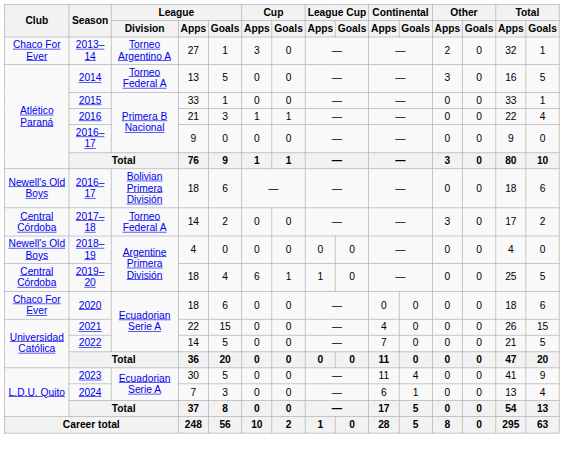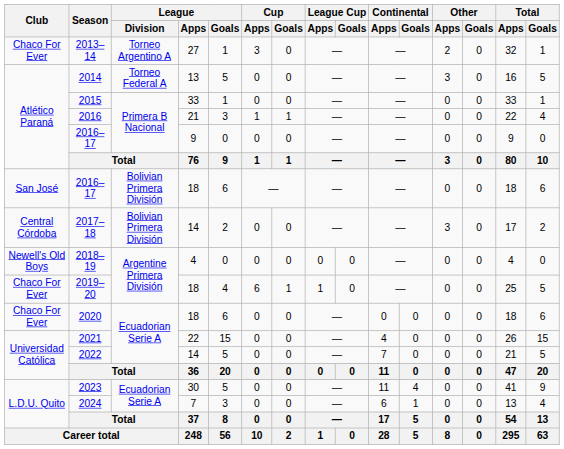 <table class="wikitable" style="text-align:center">
 <tr>
 <th rowspan="2">Club</th>
 <th rowspan="2">Season</th>
 <th colspan="3">League</th>
 <th colspan="2">Cup</th>
 <th colspan="2">League Cup</th>
 <th colspan="2">Continental</th>
 <th colspan="2">Other</th>
 <th colspan="2">Total</th>
 </tr>
 <tr>
 <th>Division</th>
 <th>Apps</th>
 <th>Goals</th>
 <th>Apps</th>
 <th>Goals</th>
 <th>Apps</th>
 <th>Goals</th>
 <th>Apps</th>
 <th>Goals</th>
 <th>Apps</th>
 <th>Goals</th>
 <th>Apps</th>
 <th>Goals</th>
 </tr>
 <tr>
 <td rowspan="1"><a href='#'>Chaco For Ever</a></td>
 <td><a href='#'>2013–14</a></td>
 <td rowspan="1"><a href='#'>Torneo Argentino A</a></td>
 <td>27</td>
 <td>1</td>
 <td>3</td>
 <td>0</td>
 <td colspan="2">—</td>
 <td colspan="2">—</td>
 <td>2</td>
 <td>0</td>
 <td>32</td>
 <td>1</td>
 </tr>
 <tr>
 <td rowspan="5"><a href='#'>Atlético Paraná</a></td>
 <td><a href='#'>2014</a></td>
 <td rowspan="1"><a href='#'>Torneo Federal A</a></td>
 <td>13</td>
 <td>5</td>
 <td>0</td>
 <td>0</td>
 <td colspan="2">—</td>
 <td colspan="2">—</td>
 <td>3</td>
 <td>0</td>
 <td>16</td>
 <td>5</td>
 </tr>
 <tr>
 <td><a href='#'>2015</a></td>
 <td rowspan="3"><a href='#'>Primera B Nacional</a></td>
 <td>33</td>
 <td>1</td>
 <td>0</td>
 <td>0</td>
 <td colspan="2">—</td>
 <td colspan="2">—</td>
 <td>0</td>
 <td>0</td>
 <td>33</td>
 <td>1</td>
 </tr>
 <tr>
 <td><a href='#'>2016</a></td>
 <td>21</td>
 <td>3</td>
 <td>1</td>
 <td>1</td>
 <td colspan="2">—</td>
 <td colspan="2">—</td>
 <td>0</td>
 <td>0</td>
 <td>22</td>
 <td>4</td>
 </tr>
 <tr>
 <td><a href='#'>2016–17</a></td>
 <td>9</td>
 <td>0</td>
 <td>0</td>
 <td>0</td>
 <td colspan="2">—</td>
 <td colspan="2">—</td>
 <td>0</td>
 <td>0</td>
 <td>9</td>
 <td>0</td>
 </tr>
 <tr>
 <th colspan="2">Total</th>
 <th>76</th>
 <th>9</th>
 <th>1</th>
 <th>1</th>
 <th colspan="2">—</th>
 <th colspan="2">—</th>
 <th>3</th>
 <th>0</th>
 <th>80</th>
 <th>10</th>
 </tr>
 <tr>
-<td rowspan="1"><a href='#'>Newell's Old Boys</a></td>
+<td rowspan="1"><a href='#'>San José</a></td>
 <td><a href='#'>2016–17</a></td>
 <td rowspan="1"><a href='#'>Bolivian Primera División</a></td>
 <td>18</td>
 <td>6</td>
 <td colspan="2">—</td>
 <td colspan="2">—</td>
 <td colspan="2">—</td>
 <td>0</td>
 <td>0</td>
 <td>18</td>
 <td>6</td>
 </tr>
 <tr>
 <td rowspan="1"><a href='#'>Central Córdoba</a></td>
 <td><a href='#'>2017–18</a></td>
-<td rowspan="1"><a href='#'>Torneo Federal A</a></td>
+<td rowspan="1"><a href='#'>Bolivian Primera División</a></td>
 <td>14</td>
 <td>2</td>
 <td>0</td>
 <td>0</td>
 <td colspan="2">—</td>
 <td colspan="2">—</td>
 <td>3</td>
 <td>0</td>
 <td>17</td>
 <td>2</td>
 </tr>
 <tr>
 <td rowspan="1"><a href='#'>Newell's Old Boys</a></td>
 <td><a href='#'>2018–19</a></td>
 <td rowspan="2"><a href='#'>Argentine Primera División</a></td>
 <td>4</td>
 <td>0</td>
 <td>0</td>
 <td>0</td>
 <td>0</td>
 <td>0</td>
 <td colspan="2">—</td>
 <td>0</td>
 <td>0</td>
 <td>4</td>
 <td>0</td>
 </tr>
 <tr>
-<td rowspan="1"><a href='#'>Central Córdoba</a></td>
+<td rowspan="1"><a href='#'>Chaco For Ever</a></td>
 <td><a href='#'>2019–20</a></td>
 <td>18</td>
 <td>4</td>
 <td>6</td>
 <td>1</td>
 <td>1</td>
 <td>0</td>
 <td colspan="2">—</td>
 <td>0</td>
 <td>0</td>
 <td>25</td>
 <td>5</td>
 </tr>
 <tr>
 <td rowspan="1"><a href='#'>Chaco For Ever</a></td>
 <td><a href='#'>2020</a></td>
 <td rowspan="3"><a href='#'>Ecuadorian Serie A</a></td>
 <td>18</td>
 <td>6</td>
 <td>0</td>
 <td>0</td>
 <td colspan="2">—</td>
 <td>0</td>
 <td>0</td>
 <td>0</td>
 <td>0</td>
 <td>18</td>
 <td>6</td>
 </tr>
 <tr>
 <td rowspan="3"><a href='#'>Universidad Católica</a></td>
 <td><a href='#'>2021</a></td>
 <td>22</td>
 <td>15</td>
 <td>0</td>
 <td>0</td>
 <td colspan="2">—</td>
 <td>4</td>
 <td>0</td>
 <td>0</td>
 <td>0</td>
 <td>26</td>
 <td>15</td>
 </tr>
 <tr>
 <td><a href='#'>2022</a></td>
 <td>14</td>
 <td>5</td>
 <td>0</td>
 <td>0</td>
 <td colspan="2">—</td>
 <td>7</td>
 <td>0</td>
 <td>0</td>
 <td>0</td>
 <td>21</td>
 <td>5</td>
 </tr>
 <tr>
 <th colspan="2">Total</th>
 <th>36</th>
 <th>20</th>
 <th>0</th>
 <th>0</th>
 <th>0</th>
 <th>0</th>
 <th>11</th>
 <th>0</th>
 <th>0</th>
 <th>0</th>
 <th>47</th>
 <th>20</th>
 </tr>
 <tr>
 <td rowspan="3"><a href='#'>L.D.U. Quito</a></td>
 <td><a href='#'>2023</a></td>
 <td rowspan="2"><a href='#'>Ecuadorian Serie A</a></td>
 <td>30</td>
 <td>5</td>
 <td>0</td>
 <td>0</td>
 <td colspan="2">—</td>
 <td>11</td>
 <td>4</td>
 <td>0</td>
 <td>0</td>
 <td>41</td>
 <td>9</td>
 </tr>
 <tr>
 <td><a href='#'>2024</a></td>
 <td>7</td>
 <td>3</td>
 <td>0</td>
 <td>0</td>
 <td colspan="2">—</td>
 <td>6</td>
 <td>1</td>
 <td>0</td>
 <td>0</td>
 <td>13</td>
 <td>4</td>
 </tr>
 <tr>
 <th colspan="2">Total</th>
 <th>37</th>
 <th>8</th>
 <th>0</th>
 <th>0</th>
 <th colspan="2">—</th>
 <th>17</th>
 <th>5</th>
 <th>0</th>
 <th>0</th>
 <th>54</th>
 <th>13</th>
 </tr>
 <tr>
 <th colspan="3">Career total</th>
 <th>248</th>
 <th>56</th>
 <th>10</th>
 <th>2</th>
 <th>1</th>
 <th>0</th>
 <th>28</th>
 <th>5</th>
 <th>8</th>
 <th>0</th>
 <th>295</th>
 <th>63</th>
 </tr>
 </table>
